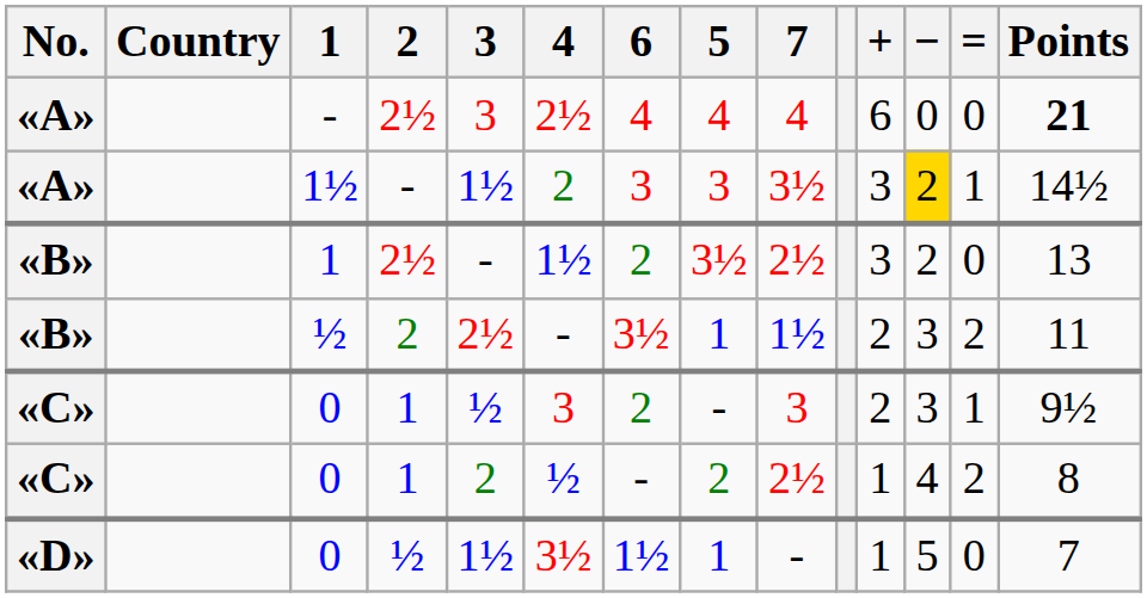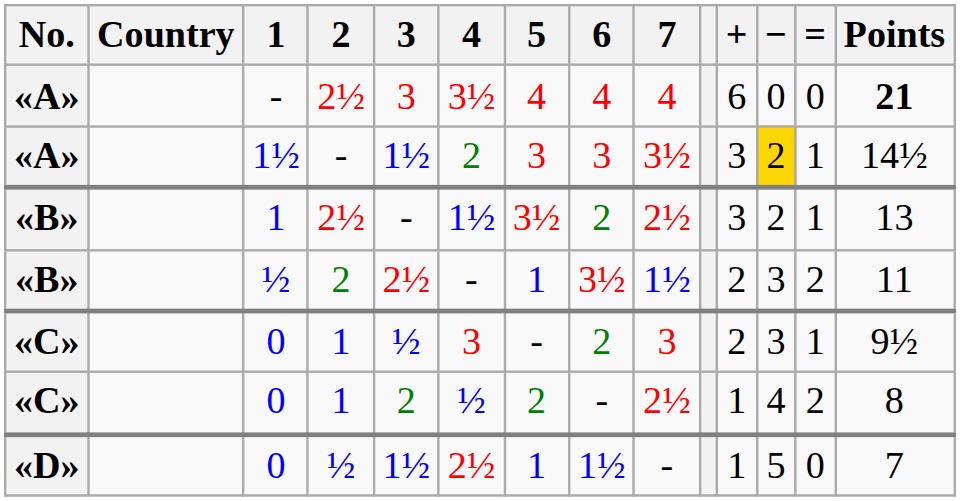 <table class="wikitable" style="text-align:center">
 <tr>
 <th>No.</th>
 <th>Country</th>
 <th>1</th>
 <th>2</th>
 <th>3</th>
 <th>4</th>
+<th>5</th>
 <th>6</th>
-<th>5</th>
 <th>7</th>
 <th></th>
 <th>+</th>
 <th>−</th>
 <th>=</th>
 <th>Points</th>
 </tr>
 <tr>
 <th>«A»</th>
 <td style="text-align: left"></td>
 <td>-</td>
 <td style="color:red;">2½</td>
 <td style="color:red;">3</td>
-<td style="color:red;">2½</td>
+<td style="color:red;">3½</td>
 <td style="color:red;">4</td>
 <td style="color:red;">4</td>
 <td style="color:red;">4</td>
 <th></th>
 <td>6</td>
 <td>0</td>
 <td>0</td>
 <td><strong>21 </strong></td>
 </tr>
 <tr>
 <th>«A»</th>
 <td style="text-align: left"></td>
 <td style="color:blue;">1½</td>
 <td>-</td>
 <td style="color:blue;">1½</td>
 <td style="color:green;">2</td>
 <td style="color:red;">3</td>
 <td style="color:red;">3</td>
 <td style="color:red;">3½</td>
 <th></th>
 <td>3</td>
 <td style="background: gold;">2</td>
 <td>1</td>
 <td>14½</td>
 </tr>
 <tr style="border-top:2px solid grey;">
 <th>«B»</th>
 <td style="text-align: left"></td>
 <td style="color:blue;">1</td>
 <td style="color:red;">2½</td>
 <td>-</td>
 <td style="color:blue;">1½</td>
+<td style="color:red;">3½</td>
 <td style="color:green;">2</td>
-<td style="color:red;">3½</td>
 <td style="color:red;">2½</td>
 <th></th>
 <td>3</td>
 <td>2</td>
-<td>0</td>
+<td>1</td>
 <td>13</td>
 </tr>
 <tr>
 <th>«B»</th>
 <td style="text-align: left"></td>
 <td style="color:blue;">½</td>
 <td style="color:green;">2</td>
 <td style="color:red;">2½</td>
 <td>-</td>
+<td style="color:blue;">1</td>
 <td style="color:red;">3½</td>
-<td style="color:blue;">1</td>
 <td style="color:blue;">1½</td>
 <th></th>
 <td>2</td>
 <td>3</td>
 <td>2</td>
 <td>11</td>
 </tr>
 <tr style="border-top:2px solid grey;">
 <th>«C»</th>
 <td style="text-align: left"></td>
 <td style="color:blue;">0</td>
 <td style="color:blue;">1</td>
 <td style="color:blue;">½</td>
 <td style="color:red;">3</td>
+<td>-</td>
 <td style="color:green;">2</td>
-<td>-</td>
 <td style="color:red;">3</td>
 <th></th>
 <td>2</td>
 <td>3</td>
 <td>1</td>
 <td>9½</td>
 </tr>
 <tr>
 <th>«C»</th>
 <td style="text-align: left"></td>
 <td style="color:blue;">0</td>
 <td style="color:blue;">1</td>
 <td style="color:green;">2</td>
 <td style="color:blue;">½</td>
+<td style="color:green;">2</td>
 <td>-</td>
-<td style="color:green;">2</td>
 <td style="color:red;">2½</td>
 <th></th>
 <td>1</td>
 <td>4</td>
 <td>2</td>
 <td>8</td>
 </tr>
 <tr style="border-top:2px solid grey;">
 <th>«D»</th>
 <td style="text-align: left"></td>
 <td style="color:blue;">0</td>
 <td style="color:blue;">½</td>
 <td style="color:blue;">1½</td>
-<td style="color:red;">3½</td>
+<td style="color:red;">2½</td>
+<td style="color:blue;">1</td>
 <td style="color:blue;">1½</td>
-<td style="color:blue;">1</td>
 <td>-</td>
 <th></th>
 <td>1</td>
 <td>5</td>
 <td>0</td>
 <td>7</td>
 </tr>
 </table>
